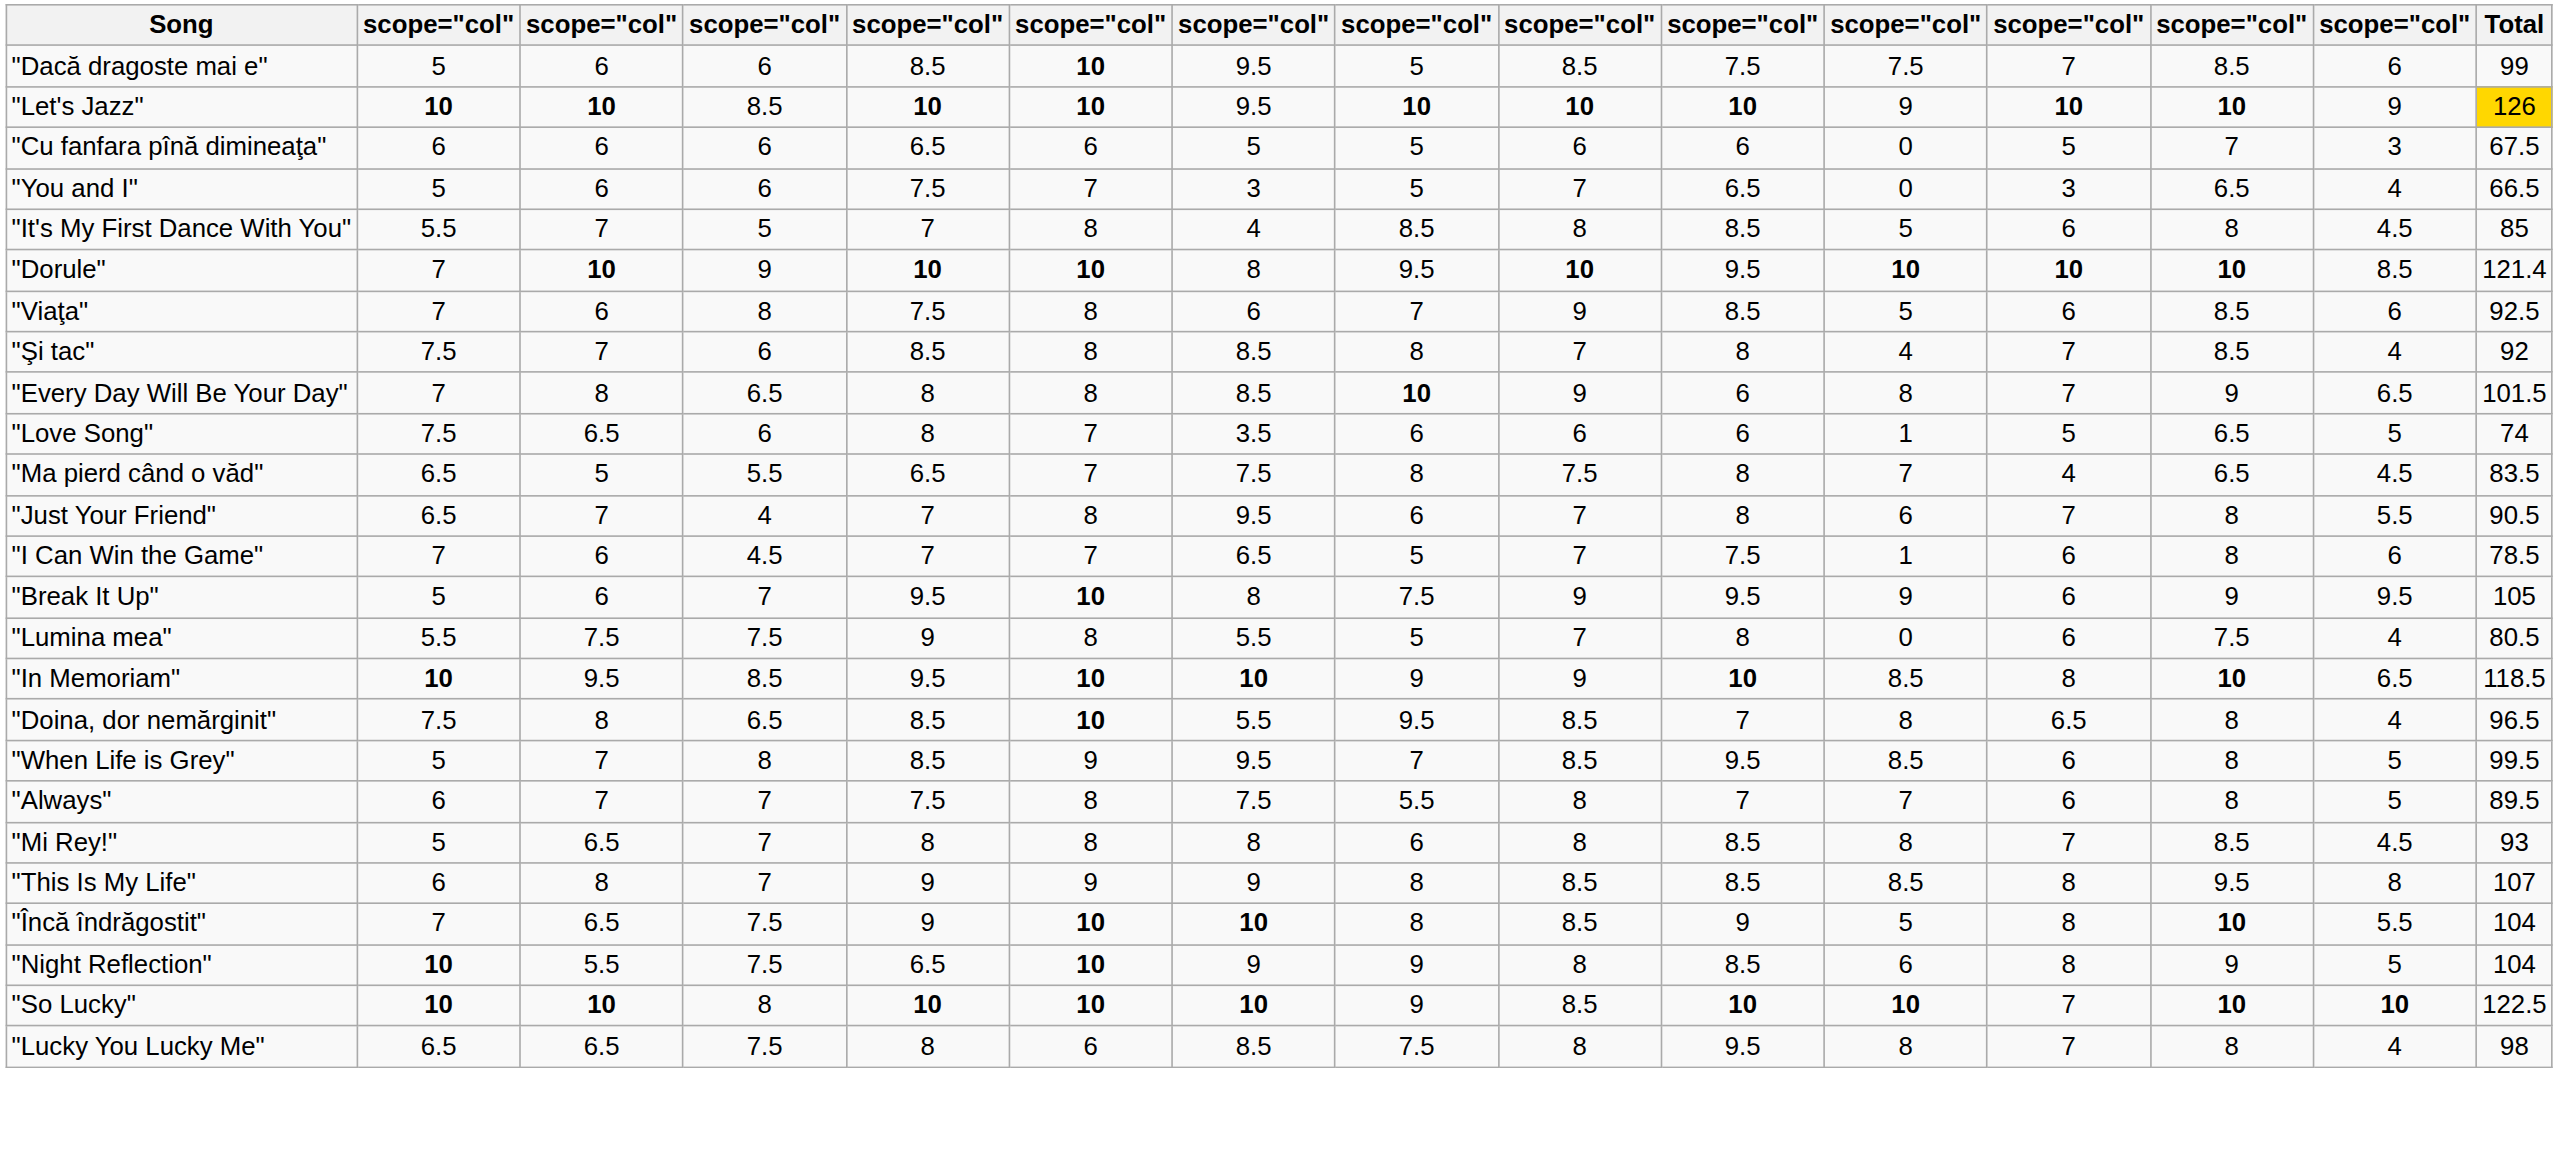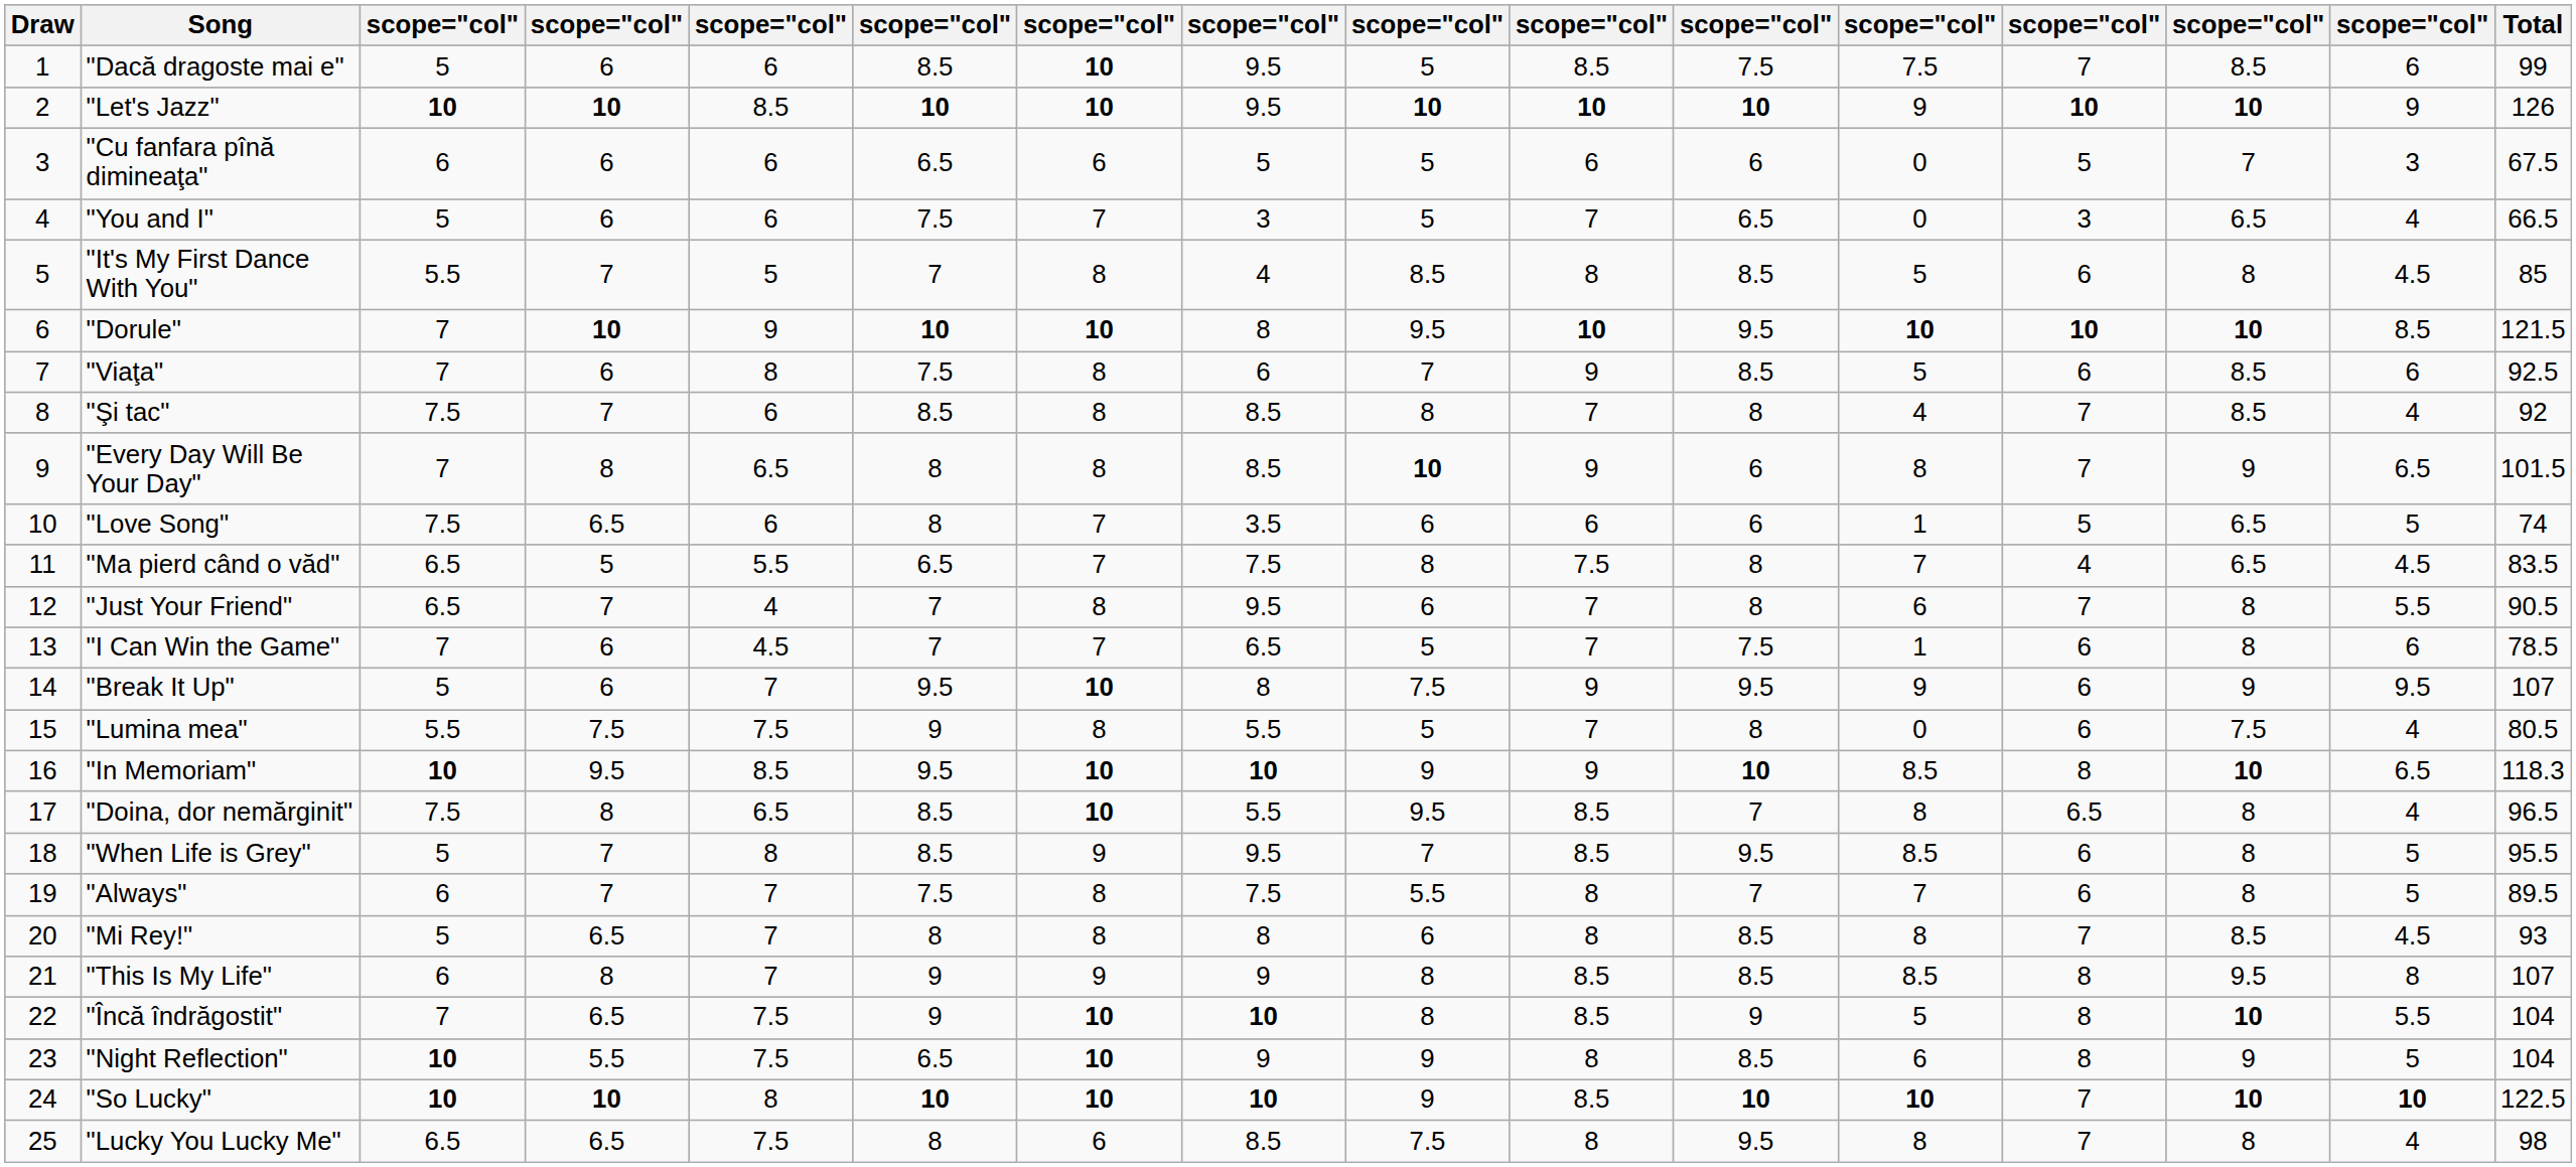 <table class="wikitable collapsible" style="margin: 1em auto 1em auto; text-align:center;">
 <tr>
+<th>Draw</th>
 <th>Song</th>
 <th>scope="col" </th>
 <th>scope="col" </th>
 <th>scope="col" </th>
 <th>scope="col" </th>
 <th>scope="col" </th>
 <th>scope="col" </th>
 <th>scope="col" </th>
 <th>scope="col" </th>
 <th>scope="col" </th>
 <th>scope="col" </th>
 <th>scope="col" </th>
 <th>scope="col" </th>
 <th>scope="col" </th>
 <th>Total</th>
 </tr>
 <tr>
+<td>1</td>
 <td align="left">"Dacă dragoste mai e"</td>
 <td>5</td>
 <td>6</td>
 <td>6</td>
 <td>8.5</td>
 <td><strong>10</strong></td>
 <td>9.5</td>
 <td>5</td>
 <td>8.5</td>
 <td>7.5</td>
 <td>7.5</td>
 <td>7</td>
 <td>8.5</td>
 <td>6</td>
 <td>99</td>
 </tr>
 <tr>
+<td>2</td>
 <td align="left">"Let's Jazz"</td>
 <td><strong>10</strong></td>
 <td><strong>10</strong></td>
 <td>8.5</td>
 <td><strong>10</strong></td>
 <td><strong>10</strong></td>
 <td>9.5</td>
 <td><strong>10</strong></td>
 <td><strong>10</strong></td>
 <td><strong>10</strong></td>
 <td>9</td>
 <td><strong>10</strong></td>
 <td><strong>10</strong></td>
 <td>9</td>
-<td style="background: gold;">126</td>
+<td>126</td>
 </tr>
 <tr>
+<td>3</td>
 <td align="left">"Cu fanfara pînă dimineaţa"</td>
 <td>6</td>
 <td>6</td>
 <td>6</td>
 <td>6.5</td>
 <td>6</td>
 <td>5</td>
 <td>5</td>
 <td>6</td>
 <td>6</td>
 <td>0</td>
 <td>5</td>
 <td>7</td>
 <td>3</td>
 <td>67.5</td>
 </tr>
 <tr>
+<td>4</td>
 <td align="left">"You and I"</td>
 <td>5</td>
 <td>6</td>
 <td>6</td>
 <td>7.5</td>
 <td>7</td>
 <td>3</td>
 <td>5</td>
 <td>7</td>
 <td>6.5</td>
 <td>0</td>
 <td>3</td>
 <td>6.5</td>
 <td>4</td>
 <td>66.5</td>
 </tr>
 <tr>
+<td>5</td>
 <td align="left">"It's My First Dance With You"</td>
 <td>5.5</td>
 <td>7</td>
 <td>5</td>
 <td>7</td>
 <td>8</td>
 <td>4</td>
 <td>8.5</td>
 <td>8</td>
 <td>8.5</td>
 <td>5</td>
 <td>6</td>
 <td>8</td>
 <td>4.5</td>
 <td>85</td>
 </tr>
 <tr>
+<td>6</td>
 <td align="left">"Dorule"</td>
 <td>7</td>
 <td><strong>10</strong></td>
 <td>9</td>
 <td><strong>10</strong></td>
 <td><strong>10</strong></td>
 <td>8</td>
 <td>9.5</td>
 <td><strong>10</strong></td>
 <td>9.5</td>
 <td><strong>10</strong></td>
 <td><strong>10</strong></td>
 <td><strong>10</strong></td>
 <td>8.5</td>
-<td>121.4</td>
+<td>121.5</td>
 </tr>
 <tr>
+<td>7</td>
 <td align="left">"Viaţa"</td>
 <td>7</td>
 <td>6</td>
 <td>8</td>
 <td>7.5</td>
 <td>8</td>
 <td>6</td>
 <td>7</td>
 <td>9</td>
 <td>8.5</td>
 <td>5</td>
 <td>6</td>
 <td>8.5</td>
 <td>6</td>
 <td>92.5</td>
 </tr>
 <tr>
+<td>8</td>
 <td align="left">"Şi tac"</td>
 <td>7.5</td>
 <td>7</td>
 <td>6</td>
 <td>8.5</td>
 <td>8</td>
 <td>8.5</td>
 <td>8</td>
 <td>7</td>
 <td>8</td>
 <td>4</td>
 <td>7</td>
 <td>8.5</td>
 <td>4</td>
 <td>92</td>
 </tr>
 <tr>
+<td>9</td>
 <td align="left">"Every Day Will Be Your Day"</td>
 <td>7</td>
 <td>8</td>
 <td>6.5</td>
 <td>8</td>
 <td>8</td>
 <td>8.5</td>
 <td><strong>10</strong></td>
 <td>9</td>
 <td>6</td>
 <td>8</td>
 <td>7</td>
 <td>9</td>
 <td>6.5</td>
 <td>101.5</td>
 </tr>
 <tr>
+<td>10</td>
 <td align="left">"Love Song"</td>
 <td>7.5</td>
 <td>6.5</td>
 <td>6</td>
 <td>8</td>
 <td>7</td>
 <td>3.5</td>
 <td>6</td>
 <td>6</td>
 <td>6</td>
 <td>1</td>
 <td>5</td>
 <td>6.5</td>
 <td>5</td>
 <td>74</td>
 </tr>
 <tr>
+<td>11</td>
 <td align="left">"Ma pierd când o văd"</td>
 <td>6.5</td>
 <td>5</td>
 <td>5.5</td>
 <td>6.5</td>
 <td>7</td>
 <td>7.5</td>
 <td>8</td>
 <td>7.5</td>
 <td>8</td>
 <td>7</td>
 <td>4</td>
 <td>6.5</td>
 <td>4.5</td>
 <td>83.5</td>
 </tr>
 <tr>
+<td>12</td>
 <td align="left">"Just Your Friend"</td>
 <td>6.5</td>
 <td>7</td>
 <td>4</td>
 <td>7</td>
 <td>8</td>
 <td>9.5</td>
 <td>6</td>
 <td>7</td>
 <td>8</td>
 <td>6</td>
 <td>7</td>
 <td>8</td>
 <td>5.5</td>
 <td>90.5</td>
 </tr>
 <tr>
+<td>13</td>
 <td align="left">"I Can Win the Game"</td>
 <td>7</td>
 <td>6</td>
 <td>4.5</td>
 <td>7</td>
 <td>7</td>
 <td>6.5</td>
 <td>5</td>
 <td>7</td>
 <td>7.5</td>
 <td>1</td>
 <td>6</td>
 <td>8</td>
 <td>6</td>
 <td>78.5</td>
 </tr>
 <tr>
+<td>14</td>
 <td align="left">"Break It Up"</td>
 <td>5</td>
 <td>6</td>
 <td>7</td>
 <td>9.5</td>
 <td><strong>10</strong></td>
 <td>8</td>
 <td>7.5</td>
 <td>9</td>
 <td>9.5</td>
 <td>9</td>
 <td>6</td>
 <td>9</td>
 <td>9.5</td>
-<td>105</td>
+<td>107</td>
 </tr>
 <tr>
+<td>15</td>
 <td align="left">"Lumina mea"</td>
 <td>5.5</td>
 <td>7.5</td>
 <td>7.5</td>
 <td>9</td>
 <td>8</td>
 <td>5.5</td>
 <td>5</td>
 <td>7</td>
 <td>8</td>
 <td>0</td>
 <td>6</td>
 <td>7.5</td>
 <td>4</td>
 <td>80.5</td>
 </tr>
 <tr>
+<td>16</td>
 <td align="left">"In Memoriam"</td>
 <td><strong>10</strong></td>
 <td>9.5</td>
 <td>8.5</td>
 <td>9.5</td>
 <td><strong>10</strong></td>
 <td><strong>10</strong></td>
 <td>9</td>
 <td>9</td>
 <td><strong>10</strong></td>
 <td>8.5</td>
 <td>8</td>
 <td><strong>10</strong></td>
 <td>6.5</td>
-<td>118.5</td>
+<td>118.3</td>
 </tr>
 <tr>
+<td>17</td>
 <td align="left">"Doina, dor nemărginit"</td>
 <td>7.5</td>
 <td>8</td>
 <td>6.5</td>
 <td>8.5</td>
 <td><strong>10</strong></td>
 <td>5.5</td>
 <td>9.5</td>
 <td>8.5</td>
 <td>7</td>
 <td>8</td>
 <td>6.5</td>
 <td>8</td>
 <td>4</td>
 <td>96.5</td>
 </tr>
 <tr>
+<td>18</td>
 <td align="left">"When Life is Grey"</td>
 <td>5</td>
 <td>7</td>
 <td>8</td>
 <td>8.5</td>
 <td>9</td>
 <td>9.5</td>
 <td>7</td>
 <td>8.5</td>
 <td>9.5</td>
 <td>8.5</td>
 <td>6</td>
 <td>8</td>
 <td>5</td>
-<td>99.5</td>
+<td>95.5</td>
 </tr>
 <tr>
+<td>19</td>
 <td align="left">"Always"</td>
 <td>6</td>
 <td>7</td>
 <td>7</td>
 <td>7.5</td>
 <td>8</td>
 <td>7.5</td>
 <td>5.5</td>
 <td>8</td>
 <td>7</td>
 <td>7</td>
 <td>6</td>
 <td>8</td>
 <td>5</td>
 <td>89.5</td>
 </tr>
 <tr>
+<td>20</td>
 <td align="left">"Mi Rey!"</td>
 <td>5</td>
 <td>6.5</td>
 <td>7</td>
 <td>8</td>
 <td>8</td>
 <td>8</td>
 <td>6</td>
 <td>8</td>
 <td>8.5</td>
 <td>8</td>
 <td>7</td>
 <td>8.5</td>
 <td>4.5</td>
 <td>93</td>
 </tr>
 <tr>
+<td>21</td>
 <td align="left">"This Is My Life"</td>
 <td>6</td>
 <td>8</td>
 <td>7</td>
 <td>9</td>
 <td>9</td>
 <td>9</td>
 <td>8</td>
 <td>8.5</td>
 <td>8.5</td>
 <td>8.5</td>
 <td>8</td>
 <td>9.5</td>
 <td>8</td>
 <td>107</td>
 </tr>
 <tr>
+<td>22</td>
 <td align="left">"Încă îndrăgostit"</td>
 <td>7</td>
 <td>6.5</td>
 <td>7.5</td>
 <td>9</td>
 <td><strong>10</strong></td>
 <td><strong>10</strong></td>
 <td>8</td>
 <td>8.5</td>
 <td>9</td>
 <td>5</td>
 <td>8</td>
 <td><strong>10</strong></td>
 <td>5.5</td>
 <td>104</td>
 </tr>
 <tr>
+<td>23</td>
 <td align="left">"Night Reflection"</td>
 <td><strong>10</strong></td>
 <td>5.5</td>
 <td>7.5</td>
 <td>6.5</td>
 <td><strong>10</strong></td>
 <td>9</td>
 <td>9</td>
 <td>8</td>
 <td>8.5</td>
 <td>6</td>
 <td>8</td>
 <td>9</td>
 <td>5</td>
 <td>104</td>
 </tr>
 <tr>
+<td>24</td>
 <td align="left">"So Lucky"</td>
 <td><strong>10</strong></td>
 <td><strong>10</strong></td>
 <td>8</td>
 <td><strong>10</strong></td>
 <td><strong>10</strong></td>
 <td><strong>10</strong></td>
 <td>9</td>
 <td>8.5</td>
 <td><strong>10</strong></td>
 <td><strong>10</strong></td>
 <td>7</td>
 <td><strong>10</strong></td>
 <td><strong>10</strong></td>
 <td>122.5</td>
 </tr>
 <tr>
+<td>25</td>
 <td align="left">"Lucky You Lucky Me"</td>
 <td>6.5</td>
 <td>6.5</td>
 <td>7.5</td>
 <td>8</td>
 <td>6</td>
 <td>8.5</td>
 <td>7.5</td>
 <td>8</td>
 <td>9.5</td>
 <td>8</td>
 <td>7</td>
 <td>8</td>
 <td>4</td>
 <td>98</td>
 </tr>
 </table>
